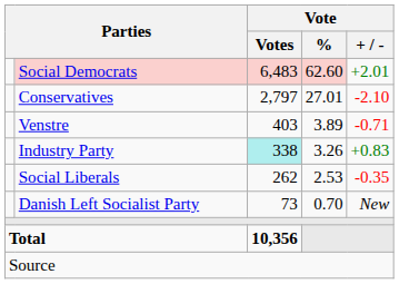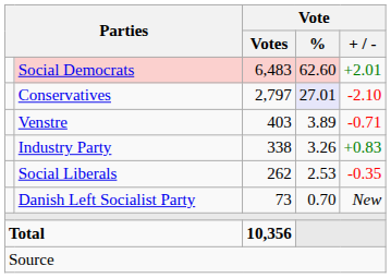 <table class="wikitable" style="text-align:right;">
 <tr>
 <th style="text-align:centre;" rowspan="2" colspan="2" width="225">Parties</th>
 <th colspan="3">Vote</th>
 </tr>
 <tr>
 <th width="15">Votes</th>
 <th width="15">%</th>
 <th width="15">+ / -</th>
 </tr>
 <tr>
 <td width="2" style="color:inherit;background:"></td>
 <td bgcolor=#fbd0ce  align="left"><a href='#'>Social Democrats</a></td>
 <td bgcolor=#fbd0ce>6,483</td>
 <td bgcolor=#fbd0ce>62.60</td>
 <td style=color:green;>+2.01</td>
 </tr>
 <tr>
 <td width="2" style="color:inherit;background:"></td>
 <td align="left"><a href='#'>Conservatives</a></td>
 <td>2,797</td>
-<td>27.01</td>
+<td style="background: lavender;">27.01</td>
 <td style=color:red;>-2.10</td>
 </tr>
 <tr>
 <td width="2" style="color:inherit;background:"></td>
 <td align="left"><a href='#'>Venstre</a></td>
 <td>403</td>
 <td>3.89</td>
 <td style=color:red;>-0.71</td>
 </tr>
 <tr>
 <td width="2" style="color:inherit;background:"></td>
 <td align="left"><a href='#'>Industry Party</a></td>
-<td style="background: paleturquoise;">338</td>
+<td>338</td>
 <td>3.26</td>
 <td style=color:green;>+0.83</td>
 </tr>
 <tr>
 <td width="2" style="color:inherit;background:"></td>
 <td align="left"><a href='#'>Social Liberals</a></td>
 <td>262</td>
 <td>2.53</td>
 <td style=color:red;>-0.35</td>
 </tr>
 <tr>
 <td width="2" style="color:inherit;background:"></td>
 <td align="left"><a href='#'>Danish Left Socialist Party</a></td>
 <td>73</td>
 <td>0.70</td>
 <td><em>New</em></td>
 </tr>
 <tr>
 <td colspan="7" bgcolor="#E9E9E9"></td>
 </tr>
 <tr>
 <td align="left" colspan="2"><strong>Total</strong></td>
 <td><strong>10,356</strong></td>
 <td bgcolor="#E9E9E9" colspan="2"></td>
 </tr>
 <tr>
 <td align="left" colspan="6">Source</td>
 </tr>
 </table>
